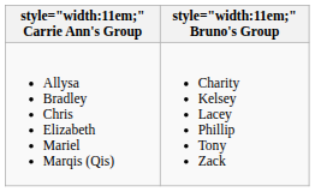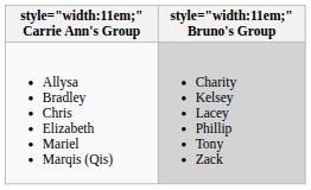 <table class="wikitable" style="width:22em;">
 <tr>
 <th>style="width:11em;" <strong>Carrie Ann's Group</strong></th>
 <th>style="width:11em;" <strong>Bruno's Group</strong></th>
 </tr>
 <tr>
 <td><br><ul><li>Allysa</li><li>Bradley</li><li>Chris</li><li>Elizabeth</li><li>Mariel</li><li>Marqis (Qis)</li></ul></td>
-<td><br><ul><li>Charity</li><li>Kelsey</li><li>Lacey</li><li>Phillip</li><li>Tony</li><li>Zack</li></ul></td>
+<td style="background: lightgrey;"><br><ul><li>Charity</li><li>Kelsey</li><li>Lacey</li><li>Phillip</li><li>Tony</li><li>Zack</li></ul></td>
 </tr>
 </table>
